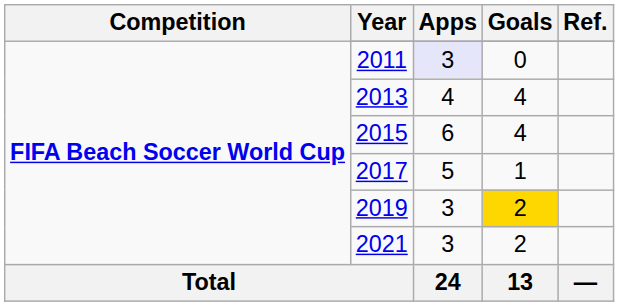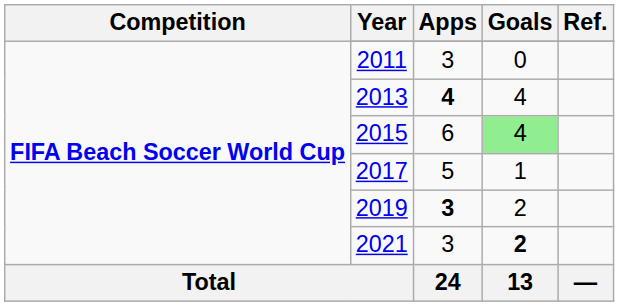 <table class="wikitable" style="text-align:center;">
 <tr>
 <th>Competition</th>
 <th>Year</th>
 <th>Apps</th>
 <th>Goals</th>
 <th>Ref.</th>
 </tr>
 <tr>
 <td rowspan="7"><strong><a href='#'>FIFA Beach Soccer World Cup</a></strong></td>
 </tr>
 <tr>
 <td> <a href='#'>2011</a></td>
-<td style="background: lavender;">3</td>
+<td>3</td>
 <td>0</td>
 <td></td>
 </tr>
 <tr>
 <td> <a href='#'>2013</a></td>
-<td>4</td>
+<td><strong>4</strong></td>
 <td>4</td>
 <td></td>
 </tr>
 <tr>
 <td> <a href='#'>2015</a></td>
 <td>6</td>
-<td>4</td>
+<td style="background: lightgreen;">4</td>
 <td></td>
 </tr>
 <tr>
 <td> <a href='#'>2017</a></td>
 <td>5</td>
 <td>1</td>
 <td></td>
 </tr>
 <tr>
 <td> <a href='#'>2019</a></td>
-<td>3</td>
-<td style="background: gold;">2</td>
+<td><strong>3</strong></td>
+<td>2</td>
 <td></td>
 </tr>
 <tr>
 <td> <a href='#'>2021</a></td>
 <td>3</td>
-<td>2</td>
+<td><strong>2</strong></td>
 <td></td>
 </tr>
 <tr>
 <th colspan=2>Total</th>
 <th>24</th>
 <th>13</th>
 <th>—</th>
 </tr>
 </table>
